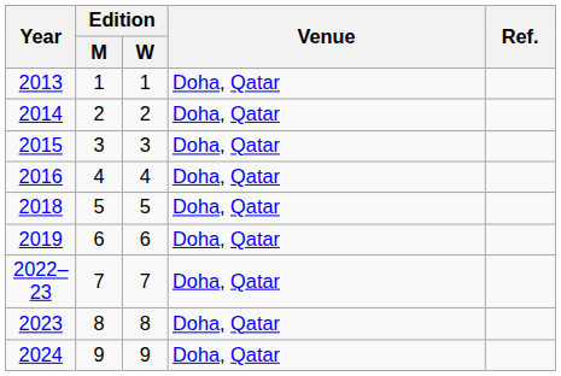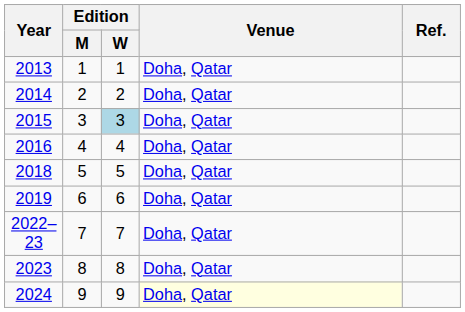 <table class="wikitable" style="text-align:center;">
 <tr>
 <th rowspan=2 width=50>Year</th>
 <th colspan=2>Edition</th>
 <th rowspan=2 width=250>Venue</th>
 <th rowspan=2 width=50>Ref.</th>
 </tr>
 <tr>
 <th width=30>M</th>
 <th width=30>W</th>
 </tr>
 <tr>
 <td><a href='#'>2013</a></td>
 <td>1</td>
 <td>1</td>
 <td align=left> <a href='#'>Doha</a>, <a href='#'>Qatar</a></td>
 <td></td>
 </tr>
 <tr>
 <td><a href='#'>2014</a></td>
 <td>2</td>
 <td>2</td>
 <td align=left> <a href='#'>Doha</a>, <a href='#'>Qatar</a></td>
 <td></td>
 </tr>
 <tr>
 <td><a href='#'>2015</a></td>
 <td>3</td>
-<td>3</td>
+<td style="background: lightblue;">3</td>
 <td align=left> <a href='#'>Doha</a>, <a href='#'>Qatar</a></td>
 <td></td>
 </tr>
 <tr>
 <td><a href='#'>2016</a></td>
 <td>4</td>
 <td>4</td>
 <td align=left> <a href='#'>Doha</a>, <a href='#'>Qatar</a></td>
 <td></td>
 </tr>
 <tr>
 <td><a href='#'>2018</a></td>
 <td>5</td>
 <td>5</td>
 <td align=left> <a href='#'>Doha</a>, <a href='#'>Qatar</a></td>
 <td></td>
 </tr>
 <tr>
 <td><a href='#'>2019</a></td>
 <td>6</td>
 <td>6</td>
 <td align=left> <a href='#'>Doha</a>, <a href='#'>Qatar</a></td>
 <td></td>
 </tr>
 <tr>
 <td><a href='#'>2022–23</a></td>
 <td>7</td>
 <td>7</td>
 <td align=left> <a href='#'>Doha</a>, <a href='#'>Qatar</a></td>
 <td></td>
 </tr>
 <tr>
 <td><a href='#'>2023</a></td>
 <td>8</td>
 <td>8</td>
 <td align=left> <a href='#'>Doha</a>, <a href='#'>Qatar</a></td>
 <td></td>
 </tr>
 <tr>
 <td><a href='#'>2024</a></td>
 <td>9</td>
 <td>9</td>
-<td align=left> <a href='#'>Doha</a>, <a href='#'>Qatar</a></td>
+<td align=left style="background: lightyellow;"> <a href='#'>Doha</a>, <a href='#'>Qatar</a></td>
 <td></td>
 </tr>
 </table>
